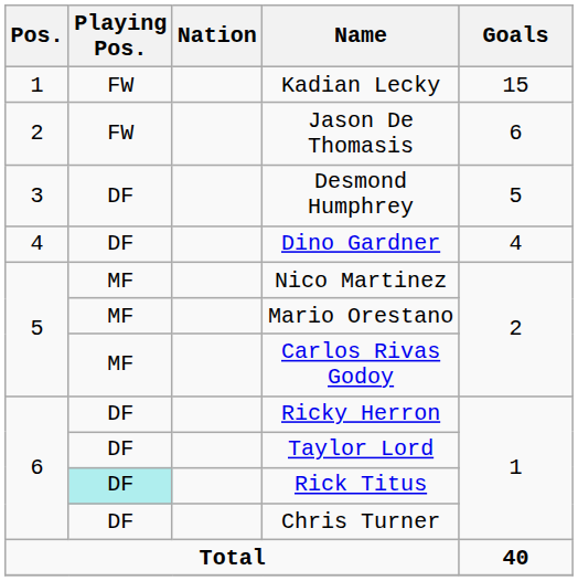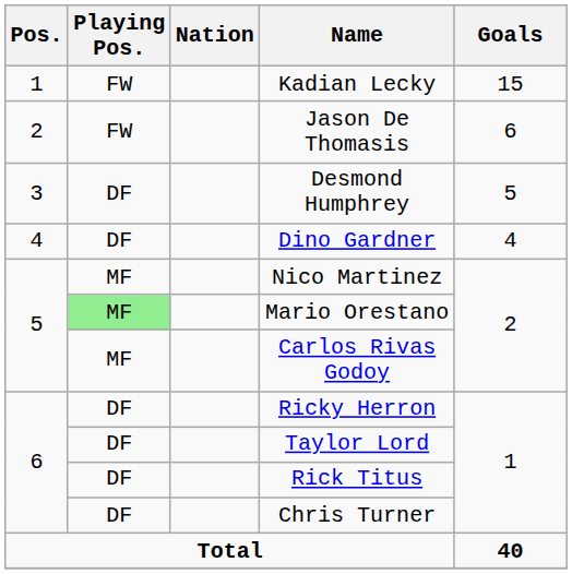 <table class="wikitable sortable" style="font-size:100%; text-align:center">
 <tr>
 <th width=15>Pos.</th>
 <th width=15>Playing Pos.</th>
 <th width=15>Nation</th>
 <th width=110>Name</th>
 <th width=60>Goals</th>
 </tr>
 <tr>
 <td>1</td>
 <td>FW</td>
 <td></td>
 <td>Kadian Lecky</td>
 <td>15</td>
 </tr>
 <tr>
 <td>2</td>
 <td>FW</td>
 <td></td>
 <td>Jason De Thomasis</td>
 <td>6</td>
 </tr>
 <tr>
 <td>3</td>
 <td>DF</td>
 <td></td>
 <td>Desmond Humphrey</td>
 <td>5</td>
 </tr>
 <tr>
 <td>4</td>
 <td>DF</td>
 <td></td>
 <td><a href='#'>Dino Gardner</a></td>
 <td>4</td>
 </tr>
 <tr>
 <td rowspan=3>5</td>
 <td>MF</td>
 <td></td>
 <td>Nico Martinez</td>
 <td rowspan=3>2</td>
 </tr>
 <tr>
-<td>MF</td>
+<td style="background: lightgreen;">MF</td>
 <td></td>
 <td>Mario Orestano</td>
 </tr>
 <tr>
 <td>MF</td>
 <td></td>
 <td><a href='#'>Carlos Rivas Godoy</a></td>
 </tr>
 <tr>
 <td rowspan=4>6</td>
 <td>DF</td>
 <td></td>
 <td><a href='#'>Ricky Herron</a></td>
 <td rowspan=4>1</td>
 </tr>
 <tr>
 <td>DF</td>
 <td></td>
 <td><a href='#'>Taylor Lord</a></td>
 </tr>
 <tr>
-<td style="background: paleturquoise;">DF</td>
+<td>DF</td>
 <td></td>
 <td><a href='#'>Rick Titus</a></td>
 </tr>
 <tr>
 <td>DF</td>
 <td></td>
 <td>Chris Turner</td>
 </tr>
 <tr>
 <td colspan=4><strong>Total</strong></td>
 <td><strong>40</strong></td>
 </tr>
 <tr>
 </tr>
 </table>
